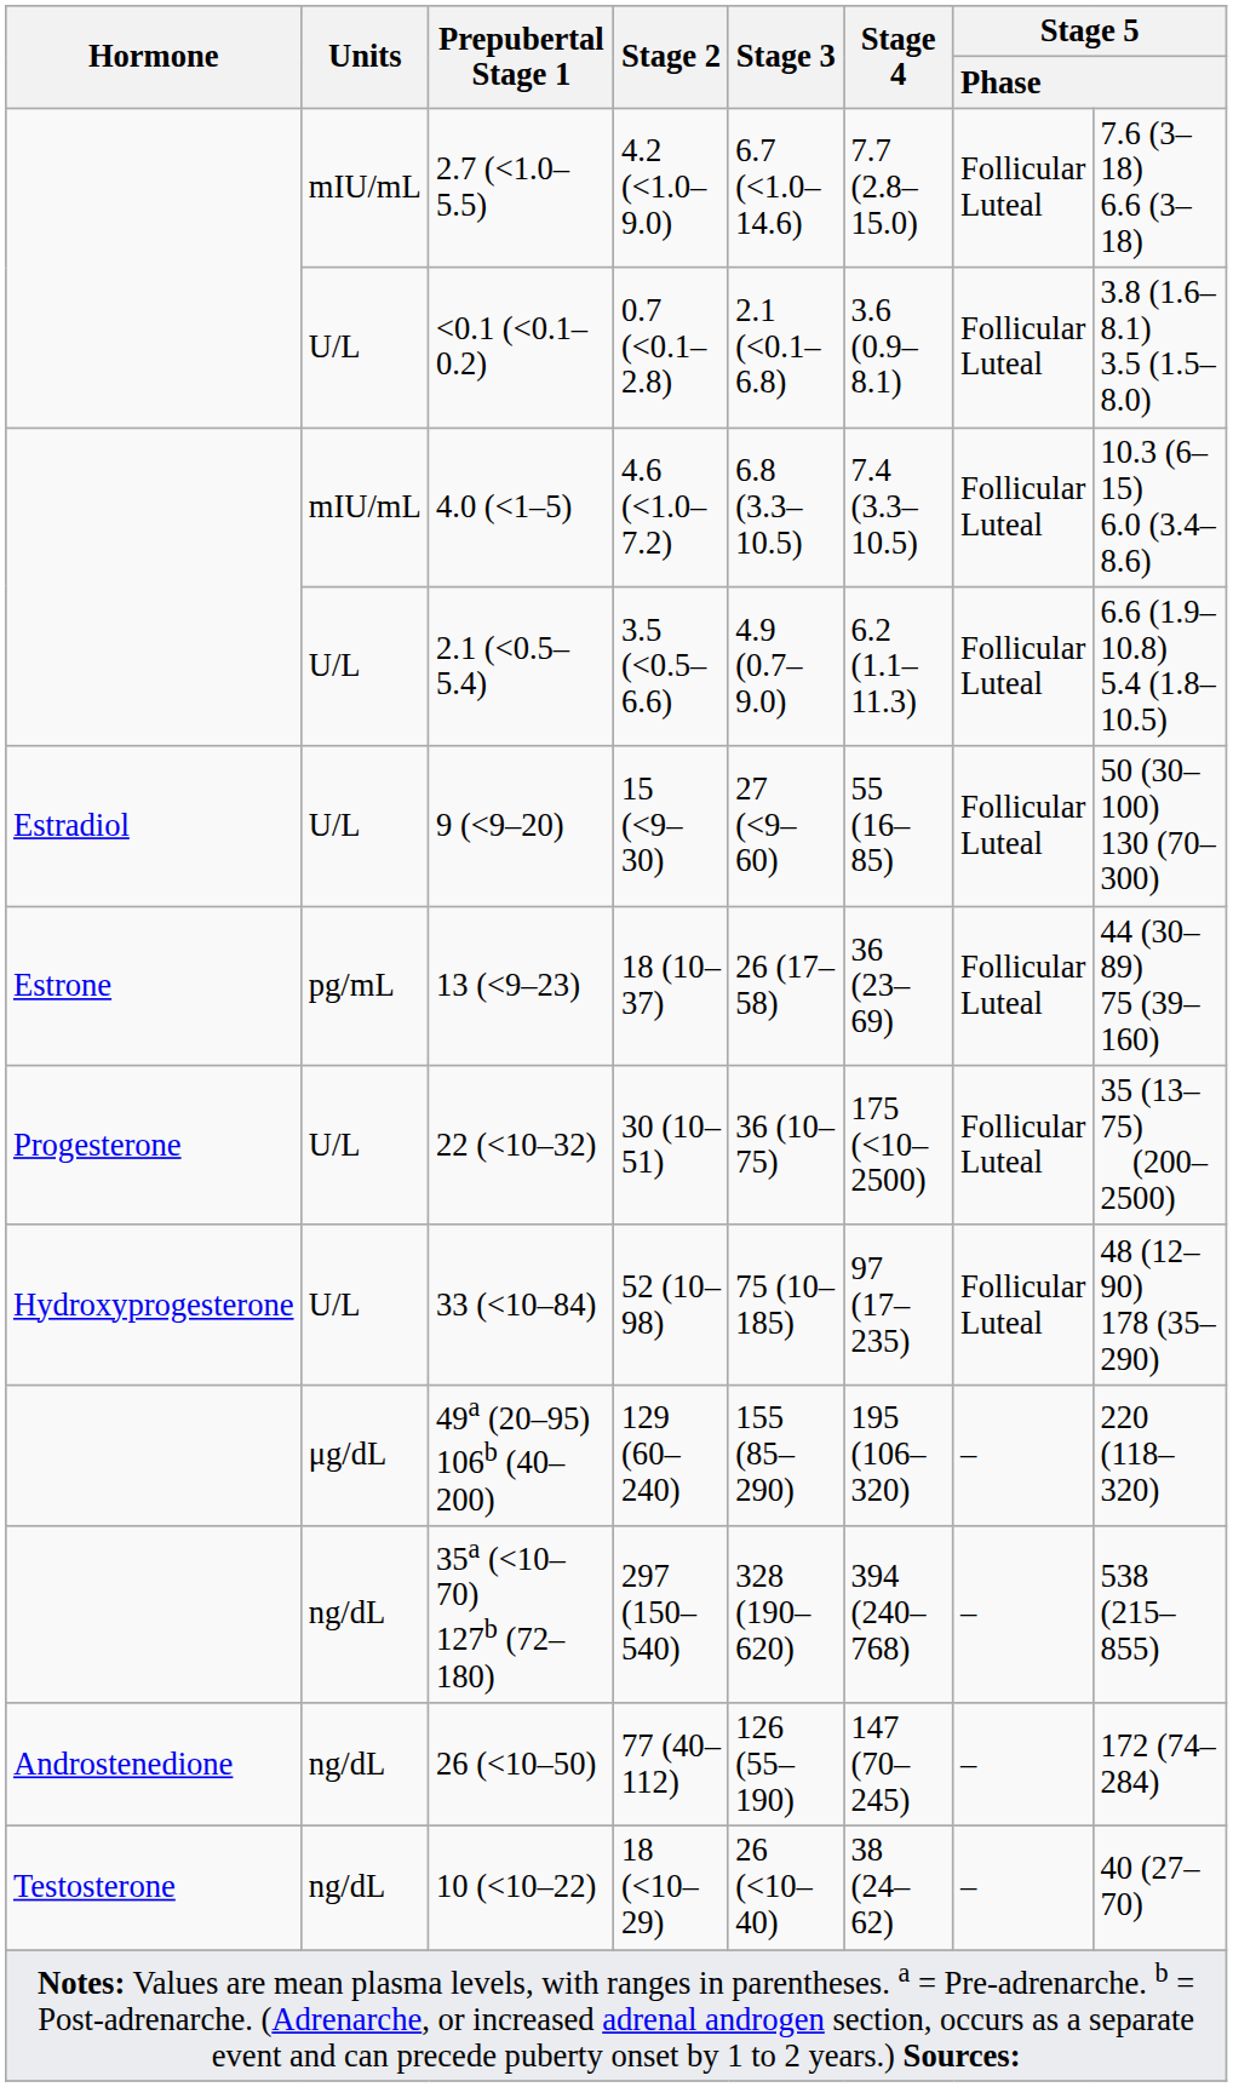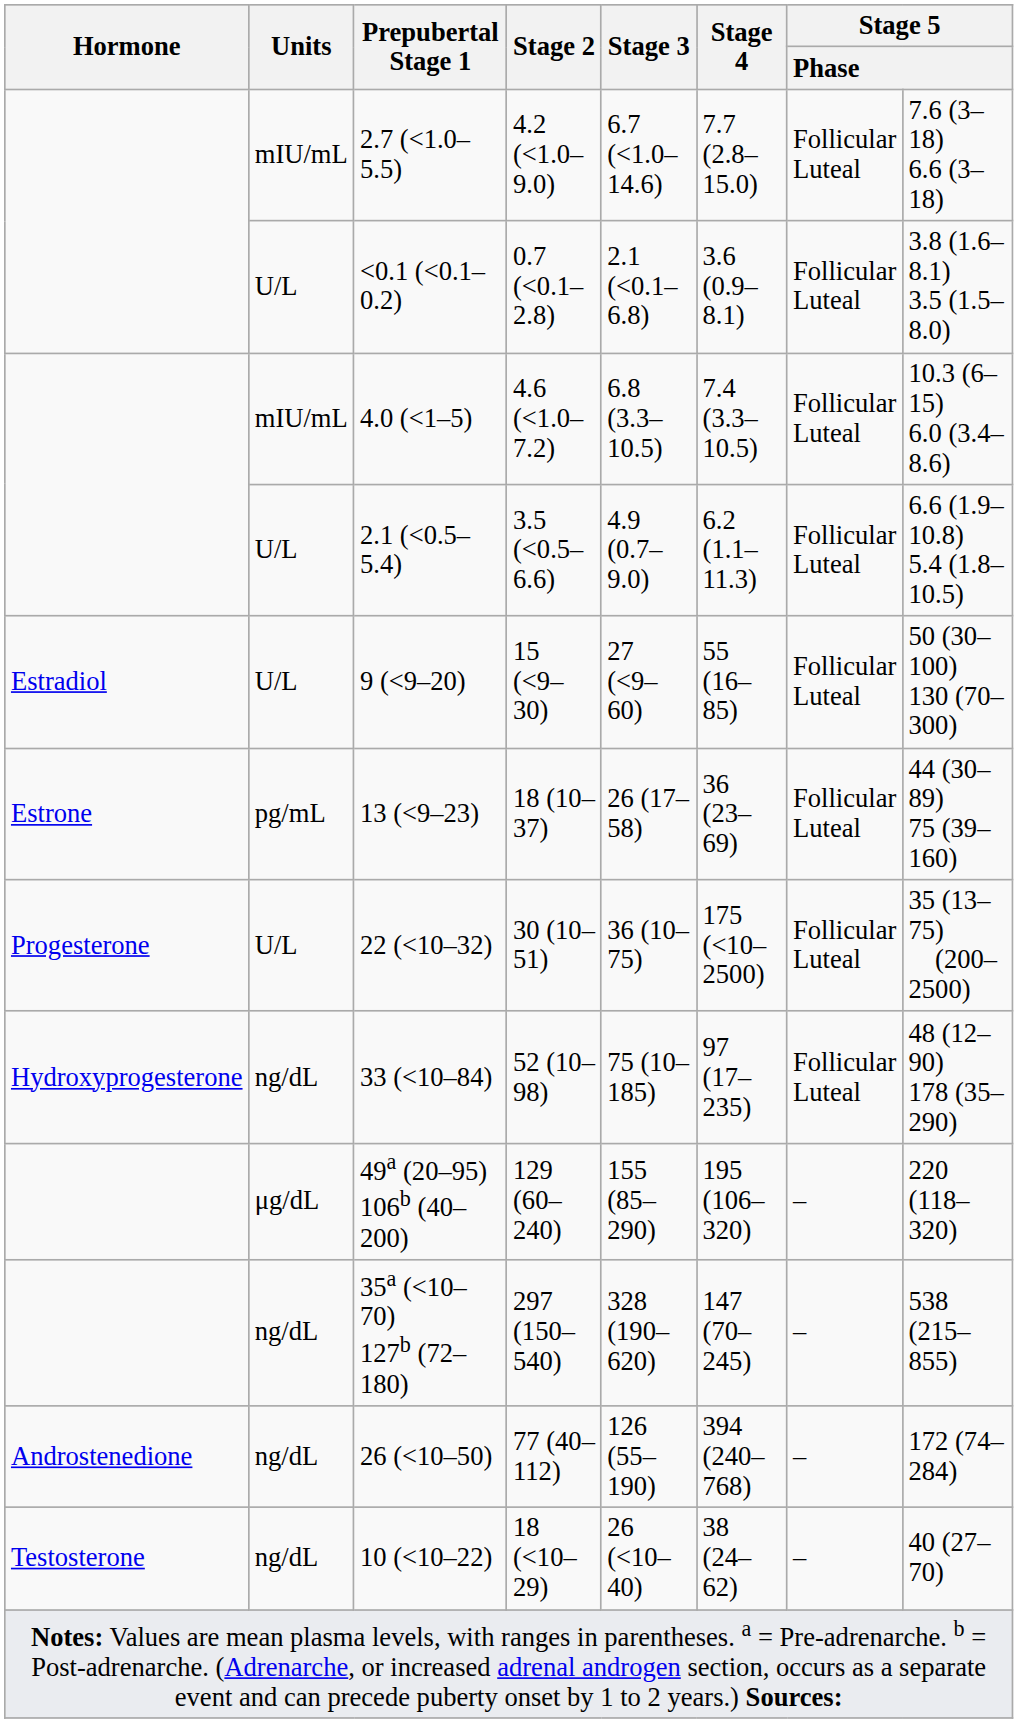 <table class="wikitable sortable mw-collapsible ">
 <tr>
 <th rowspan="2">Hormone</th>
 <th rowspan="2">Units</th>
 <th rowspan="2">Prepubertal<br>Stage 1</th>
 <th rowspan="2">Stage 2</th>
 <th rowspan="2">Stage 3</th>
 <th rowspan="2">Stage 4</th>
 <th colspan="2">Stage 5</th>
 </tr>
 <tr>
 <th colspan="2" style="text-align:left;">Phase</th>
 </tr>
 <tr>
 <td rowspan="2"></td>
 <td>mIU/mL</td>
 <td>2.7 (<1.0–5.5)</td>
 <td>4.2 (<1.0–9.0)</td>
 <td>6.7 (<1.0–14.6)</td>
 <td>7.7 (2.8–15.0)</td>
 <td>Follicular<br>Luteal</td>
 <td>7.6 (3–18)<br>6.6 (3–18)</td>
 </tr>
 <tr>
 <td>U/L</td>
 <td><0.1 (<0.1–0.2)</td>
 <td>0.7 (<0.1–2.8)</td>
 <td>2.1 (<0.1–6.8)</td>
 <td>3.6 (0.9–8.1)</td>
 <td>Follicular<br>Luteal</td>
 <td>3.8 (1.6–8.1)<br>3.5 (1.5–8.0)</td>
 </tr>
 <tr>
 <td rowspan="2"></td>
 <td>mIU/mL</td>
 <td>4.0 (<1–5)</td>
 <td>4.6 (<1.0–7.2)</td>
 <td>6.8 (3.3–10.5)</td>
 <td>7.4 (3.3–10.5)</td>
 <td>Follicular<br>Luteal</td>
 <td>10.3 (6–15)<br>6.0 (3.4–8.6)</td>
 </tr>
 <tr>
 <td>U/L</td>
 <td>2.1 (<0.5–5.4)</td>
 <td>3.5 (<0.5–6.6)</td>
 <td>4.9 (0.7–9.0)</td>
 <td>6.2 (1.1–11.3)</td>
 <td>Follicular<br>Luteal</td>
 <td>6.6 (1.9–10.8)<br>5.4 (1.8–10.5)</td>
 </tr>
 <tr>
 <td><a href='#'>Estradiol</a></td>
 <td>U/L</td>
 <td>9 (<9–20)</td>
 <td>15 (<9–30)</td>
 <td>27 (<9–60)</td>
 <td>55 (16–85)</td>
 <td>Follicular<br>Luteal</td>
 <td>50 (30–100)<br>130 (70–300)</td>
 </tr>
 <tr>
 <td><a href='#'>Estrone</a></td>
 <td>pg/mL</td>
 <td>13 (<9–23)</td>
 <td>18 (10–37)</td>
 <td>26 (17–58)</td>
 <td>36 (23–69)</td>
 <td>Follicular<br>Luteal</td>
 <td>44 (30–89)<br>75 (39–160)</td>
 </tr>
 <tr>
 <td><a href='#'>Progesterone</a></td>
 <td>U/L</td>
 <td>22 (<10–32)</td>
 <td>30 (10–51)</td>
 <td>36 (10–75)</td>
 <td>175 (<10–2500)</td>
 <td>Follicular<br>Luteal</td>
 <td>35 (13–75)<br>    (200–2500)</td>
 </tr>
 <tr>
 <td><a href='#'>Hydroxyprogesterone</a></td>
-<td>U/L</td>
+<td>ng/dL</td>
 <td>33 (<10–84)</td>
 <td>52 (10–98)</td>
 <td>75 (10–185)</td>
 <td>97 (17–235)</td>
 <td>Follicular<br>Luteal</td>
 <td>48 (12–90)<br>178 (35–290)</td>
 </tr>
 <tr>
 <td></td>
 <td>μg/dL</td>
 <td>49<sup>a</sup> (20–95)<br>106<sup>b</sup> (40–200)</td>
 <td>129 (60–240)</td>
 <td>155 (85–290)</td>
 <td>195 (106–320)</td>
 <td>–</td>
 <td>220 (118–320)</td>
 </tr>
 <tr>
 <td></td>
 <td>ng/dL</td>
 <td>35<sup>a</sup> (<10–70)<br>127<sup>b</sup> (72–180)</td>
 <td>297 (150–540)</td>
 <td>328 (190–620)</td>
-<td>394 (240–768)</td>
+<td>147 (70–245)</td>
 <td>–</td>
 <td>538 (215–855)</td>
 </tr>
 <tr>
 <td><a href='#'>Androstenedione</a></td>
 <td>ng/dL</td>
 <td>26 (<10–50)</td>
 <td>77 (40–112)</td>
 <td>126 (55–190)</td>
-<td>147 (70–245)</td>
+<td>394 (240–768)</td>
 <td>–</td>
 <td>172 (74–284)</td>
 </tr>
 <tr>
 <td><a href='#'>Testosterone</a></td>
 <td>ng/dL</td>
 <td>10 (<10–22)</td>
 <td>18 (<10–29)</td>
 <td>26 (<10–40)</td>
 <td>38 (24–62)</td>
 <td>–</td>
 <td>40 (27–70)</td>
 </tr>
 <tr class="sortbottom">
 <td colspan="8" style="width: 1px; background-color:#eaecf0; text-align: center;"><strong>Notes:</strong> Values are mean plasma levels, with ranges in parentheses. <sup>a</sup> = Pre-adrenarche. <sup>b</sup> = Post-adrenarche. (<a href='#'>Adrenarche</a>, or increased <a href='#'>adrenal androgen</a> section, occurs as a separate event and can precede puberty onset by 1 to 2 years.) <strong>Sources:</strong> </td>
 </tr>
 </table>
